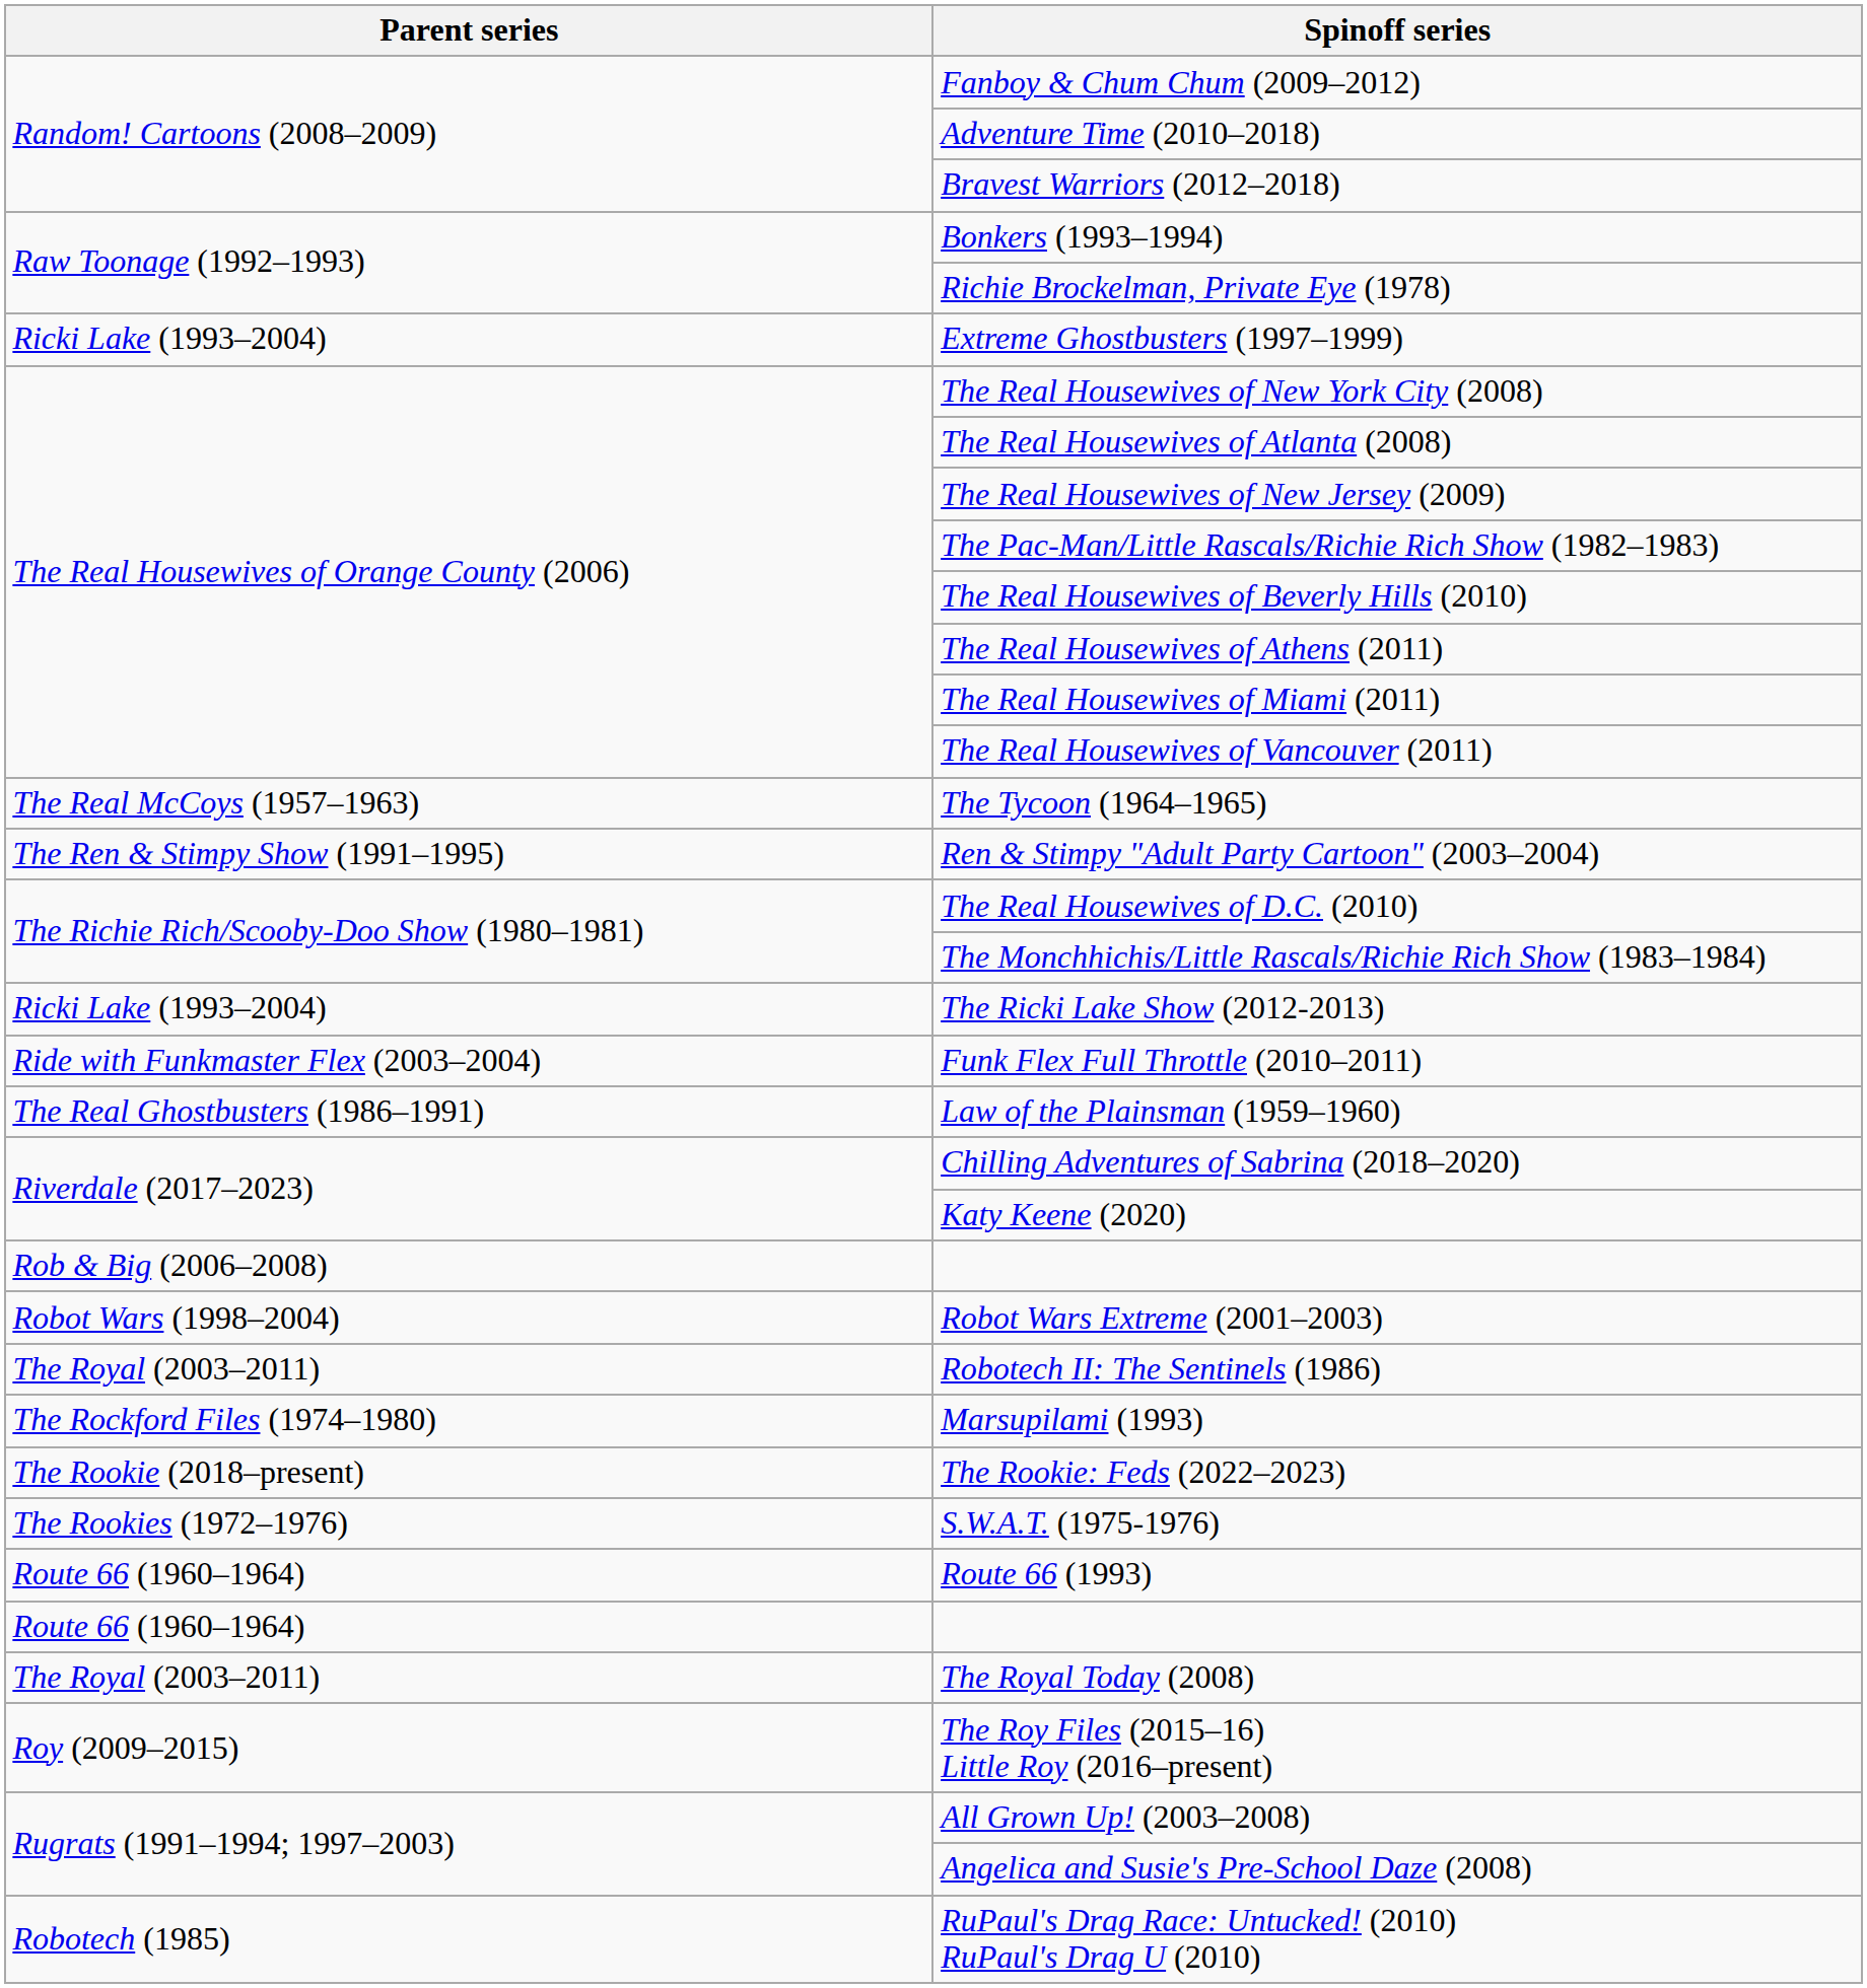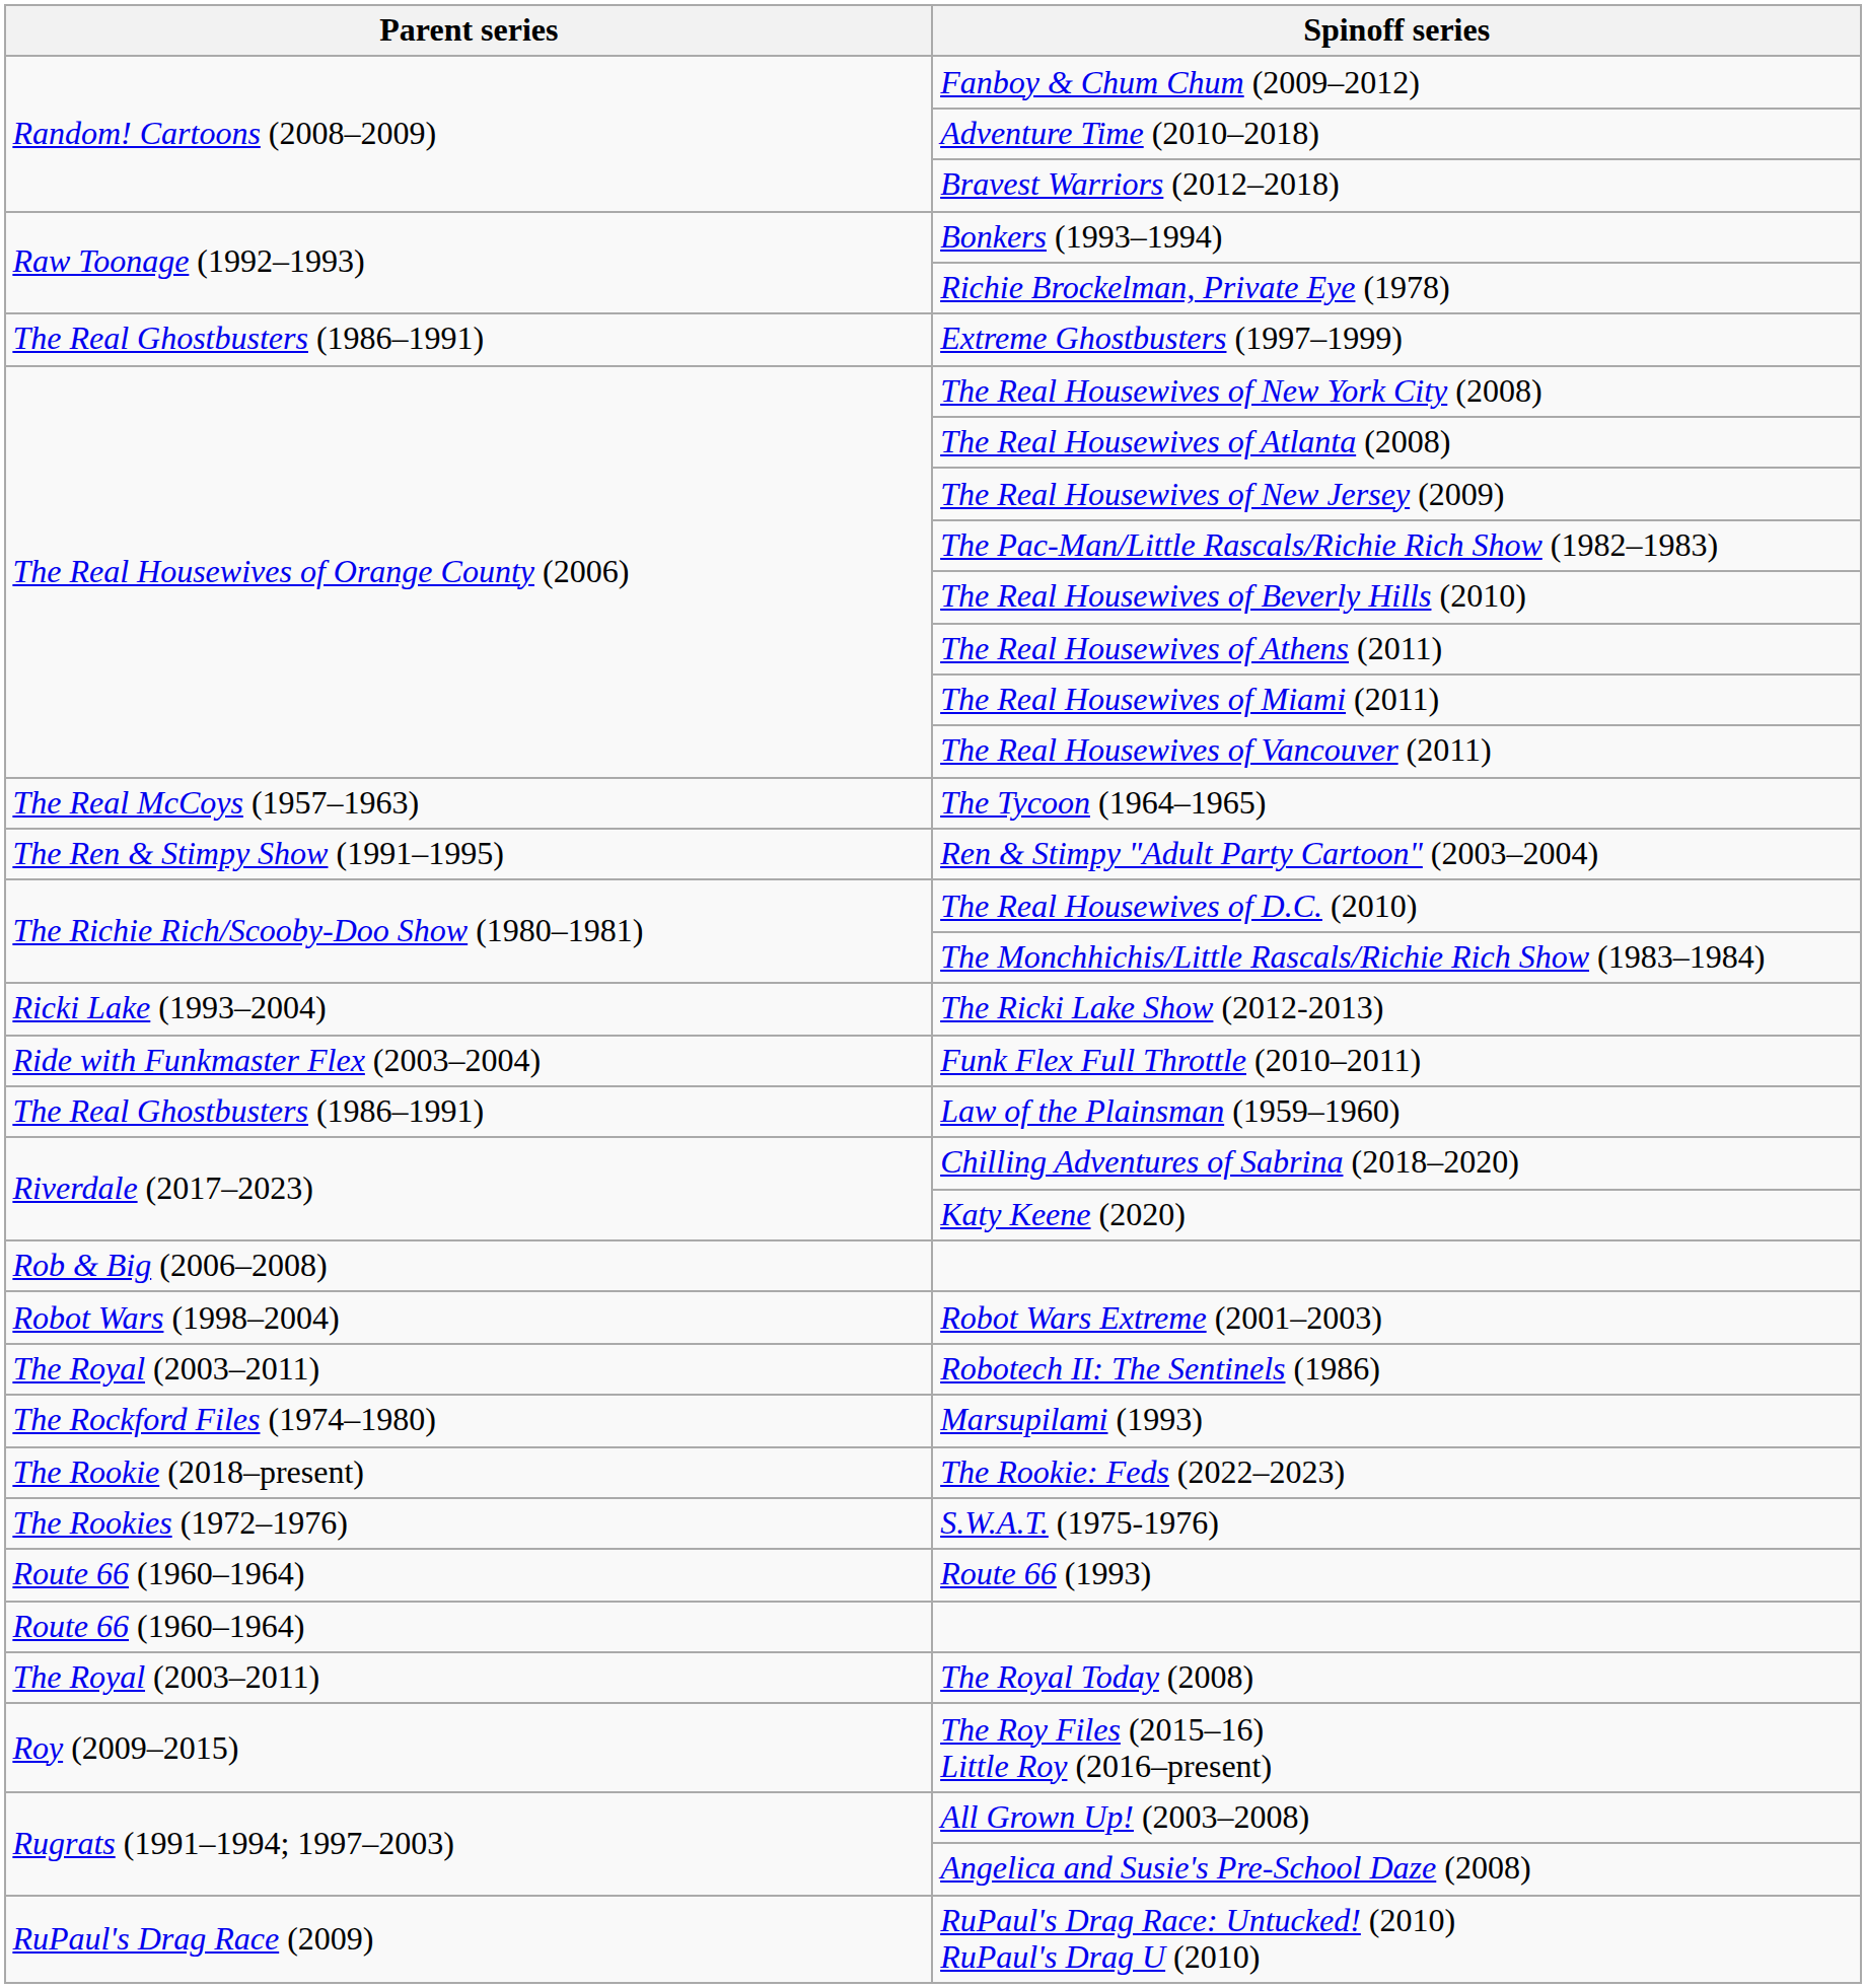 <table class="wikitable">
 <tr>
 <th width="450">Parent series</th>
 <th width="450">Spinoff series</th>
 </tr>
 <tr>
 <td rowspan="3"><em><a href='#'>Random! Cartoons</a></em> (2008–2009)</td>
 <td><em><a href='#'>Fanboy & Chum Chum</a></em> (2009–2012)</td>
 </tr>
 <tr>
 <td><em><a href='#'>Adventure Time</a></em> (2010–2018)</td>
 </tr>
 <tr>
 <td><em><a href='#'>Bravest Warriors</a></em> (2012–2018)</td>
 </tr>
 <tr>
 <td rowspan="2"><em><a href='#'>Raw Toonage</a></em> (1992–1993)</td>
 <td><em><a href='#'>Bonkers</a></em> (1993–1994)</td>
 </tr>
 <tr>
 <td><em><a href='#'>Richie Brockelman, Private Eye</a></em> (1978)</td>
 </tr>
 <tr>
-<td><em><a href='#'>Ricki Lake</a></em> (1993–2004)</td>
+<td><em><a href='#'>The Real Ghostbusters</a></em> (1986–1991)</td>
 <td><em><a href='#'>Extreme Ghostbusters</a></em> (1997–1999)</td>
 </tr>
 <tr>
 <td rowspan="8"><em><a href='#'>The Real Housewives of Orange County</a></em> (2006)</td>
 <td><em><a href='#'>The Real Housewives of New York City</a></em> (2008)</td>
 </tr>
 <tr>
 <td><em><a href='#'>The Real Housewives of Atlanta</a></em> (2008)</td>
 </tr>
 <tr>
 <td><em><a href='#'>The Real Housewives of New Jersey</a></em> (2009)</td>
 </tr>
 <tr>
 <td><em><a href='#'>The Pac-Man/Little Rascals/Richie Rich Show</a></em> (1982–1983)</td>
 </tr>
 <tr>
 <td><em><a href='#'>The Real Housewives of Beverly Hills</a></em> (2010)</td>
 </tr>
 <tr>
 <td><em><a href='#'>The Real Housewives of Athens</a></em> (2011)</td>
 </tr>
 <tr>
 <td><em><a href='#'>The Real Housewives of Miami</a></em> (2011)</td>
 </tr>
 <tr>
 <td><em><a href='#'>The Real Housewives of Vancouver</a></em> (2011)</td>
 </tr>
 <tr>
 <td><em><a href='#'>The Real McCoys</a></em> (1957–1963)</td>
 <td><em><a href='#'>The Tycoon</a></em> (1964–1965)</td>
 </tr>
 <tr>
 <td><em><a href='#'>The Ren & Stimpy Show</a></em> (1991–1995)</td>
 <td><em><a href='#'>Ren & Stimpy "Adult Party Cartoon"</a></em> (2003–2004)</td>
 </tr>
 <tr>
 <td rowspan="2"><em><a href='#'>The Richie Rich/Scooby-Doo Show</a></em> (1980–1981)</td>
 <td><em><a href='#'>The Real Housewives of D.C.</a></em> (2010)</td>
 </tr>
 <tr>
 <td><em><a href='#'>The Monchhichis/Little Rascals/Richie Rich Show</a></em> (1983–1984)</td>
 </tr>
 <tr>
 <td><em><a href='#'>Ricki Lake</a></em> (1993–2004)</td>
 <td><em><a href='#'>The Ricki Lake Show</a></em> (2012-2013)</td>
 </tr>
 <tr>
 <td><em><a href='#'>Ride with Funkmaster Flex</a></em> (2003–2004)</td>
 <td><em><a href='#'>Funk Flex Full Throttle</a></em> (2010–2011)</td>
 </tr>
 <tr>
 <td><em><a href='#'>The Real Ghostbusters</a></em> (1986–1991)</td>
 <td><em><a href='#'>Law of the Plainsman</a></em> (1959–1960)</td>
 </tr>
 <tr>
 <td rowspan="2"><em><a href='#'>Riverdale</a></em> (2017–2023)</td>
 <td><em><a href='#'>Chilling Adventures of Sabrina</a></em> (2018–2020)</td>
 </tr>
 <tr>
 <td><em><a href='#'>Katy Keene</a></em> (2020)</td>
 </tr>
 <tr>
 <td><em><a href='#'>Rob & Big</a></em> (2006–2008)</td>
 <td></td>
 </tr>
 <tr>
 <td><em><a href='#'>Robot Wars</a></em> (1998–2004)</td>
 <td><em><a href='#'>Robot Wars Extreme</a></em> (2001–2003)</td>
 </tr>
 <tr>
 <td><em><a href='#'>The Royal</a></em> (2003–2011)</td>
 <td><em><a href='#'>Robotech II: The Sentinels</a></em> (1986)</td>
 </tr>
 <tr>
 <td><em><a href='#'>The Rockford Files</a></em> (1974–1980)</td>
 <td><em><a href='#'>Marsupilami</a></em> (1993)</td>
 </tr>
 <tr>
 <td><em><a href='#'>The Rookie</a></em> (2018–present)</td>
 <td><em><a href='#'>The Rookie: Feds</a></em> (2022–2023)</td>
 </tr>
 <tr>
 <td><em><a href='#'>The Rookies</a></em> (1972–1976)</td>
 <td><em><a href='#'>S.W.A.T.</a></em> (1975-1976)</td>
 </tr>
 <tr>
 <td><em><a href='#'>Route 66</a></em> (1960–1964)</td>
 <td><em><a href='#'>Route 66</a></em> (1993)</td>
 </tr>
 <tr>
 <td><em><a href='#'>Route 66</a></em> (1960–1964)</td>
 <td></td>
 </tr>
 <tr>
 <td><em><a href='#'>The Royal</a></em> (2003–2011)</td>
 <td><em><a href='#'>The Royal Today</a></em> (2008)</td>
 </tr>
 <tr>
 <td><em><a href='#'>Roy</a></em> (2009–2015)</td>
 <td><em><a href='#'>The Roy Files</a></em> (2015–16)<br><em><a href='#'>Little Roy</a></em> (2016–present)</td>
 </tr>
 <tr>
 <td rowspan="2"><em><a href='#'>Rugrats</a></em> (1991–1994; 1997–2003)</td>
 <td><em><a href='#'>All Grown Up!</a></em> (2003–2008)</td>
 </tr>
 <tr>
 <td><em><a href='#'>Angelica and Susie's Pre-School Daze</a></em> (2008)</td>
 </tr>
 <tr>
-<td><em><a href='#'>Robotech</a></em> (1985)</td>
+<td><em><a href='#'>RuPaul's Drag Race</a></em> (2009)</td>
 <td><em><a href='#'>RuPaul's Drag Race: Untucked!</a></em> (2010)<br><em><a href='#'>RuPaul's Drag U</a></em> (2010)</td>
 </tr>
 </table>
